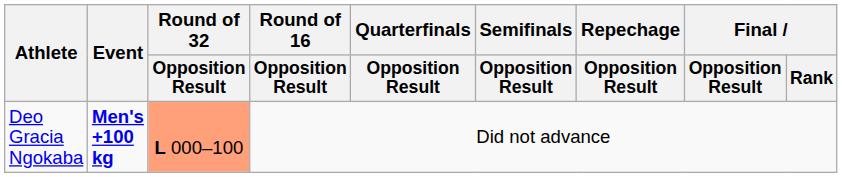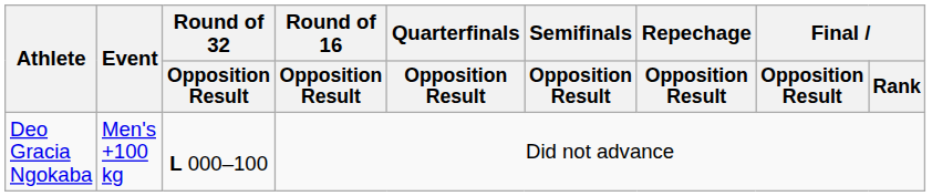 <table class="wikitable" style="font-size:90%">
 <tr>
 <th rowspan="2">Athlete</th>
 <th rowspan="2">Event</th>
 <th>Round of 32</th>
 <th>Round of 16</th>
 <th>Quarterfinals</th>
 <th>Semifinals</th>
 <th>Repechage</th>
 <th colspan=2>Final / </th>
 </tr>
 <tr style="font-size:95%">
 <th>Opposition<br>Result</th>
 <th>Opposition<br>Result</th>
 <th>Opposition<br>Result</th>
 <th>Opposition<br>Result</th>
 <th>Opposition<br>Result</th>
 <th>Opposition<br>Result</th>
 <th>Rank</th>
 </tr>
 <tr align=center>
 <td align=left><a href='#'>Deo Gracia Ngokaba</a></td>
-<td align=left><strong><a href='#'>Men's +100 kg</a></strong></td>
-<td style="background: lightsalmon;"><br><strong>L</strong> 000–100</td>
+<td align=left><a href='#'>Men's +100 kg</a></td>
+<td><br><strong>L</strong> 000–100</td>
 <td colspan=6>Did not advance</td>
 </tr>
 </table>
